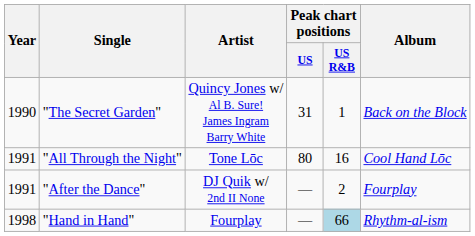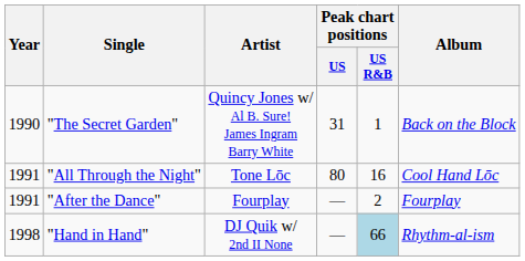 <table class="wikitable" style="text-align:center;">
 <tr>
 <th rowspan="2">Year</th>
 <th rowspan="2">Single</th>
 <th rowspan="2">Artist</th>
 <th colspan="2">Peak chart<br>positions</th>
 <th rowspan="2">Album</th>
 </tr>
 <tr style="font-size:smaller;">
 <th style="width:35px;"><a href='#'>US</a><br></th>
 <th style="width:35px;"><a href='#'>US R&B</a><br></th>
 </tr>
 <tr>
 <td>1990</td>
 <td style="text-align:left;">"<a href='#'>The Secret Garden</a>"</td>
 <td><a href='#'>Quincy Jones</a> w/<br><small><a href='#'>Al B. Sure!</a></small><br><small><a href='#'>James Ingram</a></small><br><small><a href='#'>Barry White</a></small></td>
 <td>31</td>
 <td>1</td>
 <td style="text-align:left;"><em><a href='#'>Back on the Block</a></em></td>
 </tr>
 <tr>
 <td>1991</td>
 <td style="text-align:left;">"<a href='#'>All Through the Night</a>"</td>
 <td><a href='#'>Tone Lōc</a></td>
 <td>80</td>
 <td>16</td>
 <td style="text-align:left;"><em><a href='#'>Cool Hand Lōc</a></em></td>
 </tr>
 <tr>
 <td>1991</td>
 <td style="text-align:left;">"<a href='#'>After the Dance</a>"</td>
-<td><a href='#'>DJ Quik</a> w/<br><small> <a href='#'>2nd II None</a></small></td>
+<td><a href='#'>Fourplay</a></td>
 <td>—</td>
 <td>2</td>
 <td style="text-align:left;"><em><a href='#'>Fourplay</a></em></td>
 </tr>
 <tr>
 <td>1998</td>
 <td style="text-align:left;">"<a href='#'>Hand in Hand</a>"</td>
-<td><a href='#'>Fourplay</a></td>
+<td><a href='#'>DJ Quik</a> w/<br><small> <a href='#'>2nd II None</a></small></td>
 <td>—</td>
 <td style="background: lightblue;">66</td>
 <td style="text-align:left;"><em><a href='#'>Rhythm-al-ism</a></em></td>
 </tr>
 </table>
